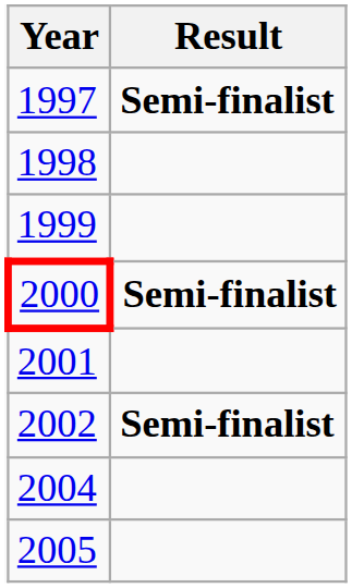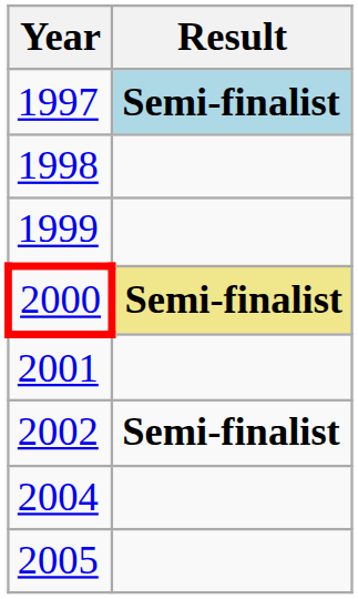 <table class="wikitable">
 <tr>
 <th>Year</th>
 <th>Result</th>
 </tr>
 <tr>
 <td><a href='#'>1997</a></td>
-<td> <strong>Semi-finalist</strong></td>
+<td style="background: lightblue;"> <strong>Semi-finalist</strong></td>
 </tr>
 <tr>
 <td><a href='#'>1998</a></td>
 <td></td>
 </tr>
 <tr>
 <td><a href='#'>1999</a></td>
 <td></td>
 </tr>
 <tr>
 <td style="border: 3px solid red"><a href='#'>2000</a></td>
-<td> <strong>Semi-finalist</strong></td>
+<td style="background: khaki;"> <strong>Semi-finalist</strong></td>
 </tr>
 <tr>
 <td><a href='#'>2001</a></td>
 <td></td>
 </tr>
 <tr>
 <td><a href='#'>2002</a></td>
 <td> <strong>Semi-finalist</strong></td>
 </tr>
 <tr>
 <td><a href='#'>2004</a></td>
 <td></td>
 </tr>
 <tr>
 <td><a href='#'>2005</a></td>
 <td></td>
 </tr>
 </table>
